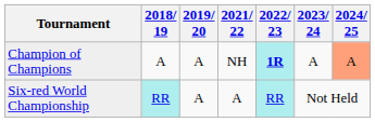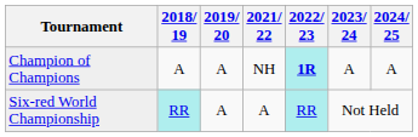 <table class="wikitable">
 <tr>
 <th width=150>Tournament</th>
 <th><a href='#'>2018/<br>19</a></th>
 <th><a href='#'>2019/<br>20</a></th>
 <th><a href='#'>2021/<br>22</a></th>
 <th><a href='#'>2022/<br>23</a></th>
 <th><a href='#'>2023/<br>24</a></th>
 <th><a href='#'>2024/<br>25</a></th>
 </tr>
 <tr>
 <td style="background:#EFEFEF;"><a href='#'>Champion of Champions</a></td>
 <td align="center">A</td>
 <td align="center">A</td>
 <td align="center">NH</td>
 <td align="center" style="background:#afeeee;"><strong><a href='#'>1R</a></strong></td>
 <td align="center">A</td>
-<td align="center" style="background: lightsalmon;">A</td>
+<td align="center">A</td>
 </tr>
 <tr>
 <td style="background:#EFEFEF;"><a href='#'>Six-red World Championship</a></td>
 <td align="center" style="background:#afeeee;"><a href='#'>RR</a></td>
 <td align="center">A</td>
 <td align="center">A</td>
 <td align="center" style="background:#afeeee;"><a href='#'>RR</a></td>
 <td align="center" colspan="2">Not Held</td>
 </tr>
 </table>
